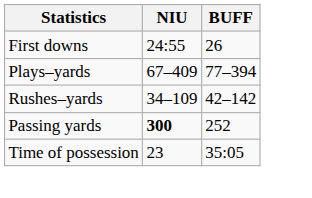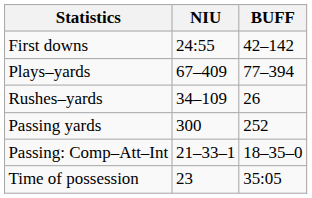 <table class="wikitable">
 <tr>
 <th>Statistics</th>
 <th>NIU</th>
 <th>BUFF</th>
 </tr>
 <tr>
 <td>First downs</td>
 <td>24:55</td>
-<td>26</td>
+<td>42–142</td>
 </tr>
 <tr>
 <td>Plays–yards</td>
 <td>67–409</td>
 <td>77–394</td>
 </tr>
 <tr>
 <td>Rushes–yards</td>
 <td>34–109</td>
-<td>42–142</td>
+<td>26</td>
 </tr>
 <tr>
 <td>Passing yards</td>
-<td><strong>300</strong></td>
+<td>300</td>
 <td>252</td>
+</tr>
+<tr>
+<td>Passing: Comp–Att–Int</td>
+<td>21–33–1</td>
+<td>18–35–0</td>
 </tr>
 <tr>
 <td>Time of possession</td>
 <td>23</td>
 <td>35:05</td>
 </tr>
 </table>
